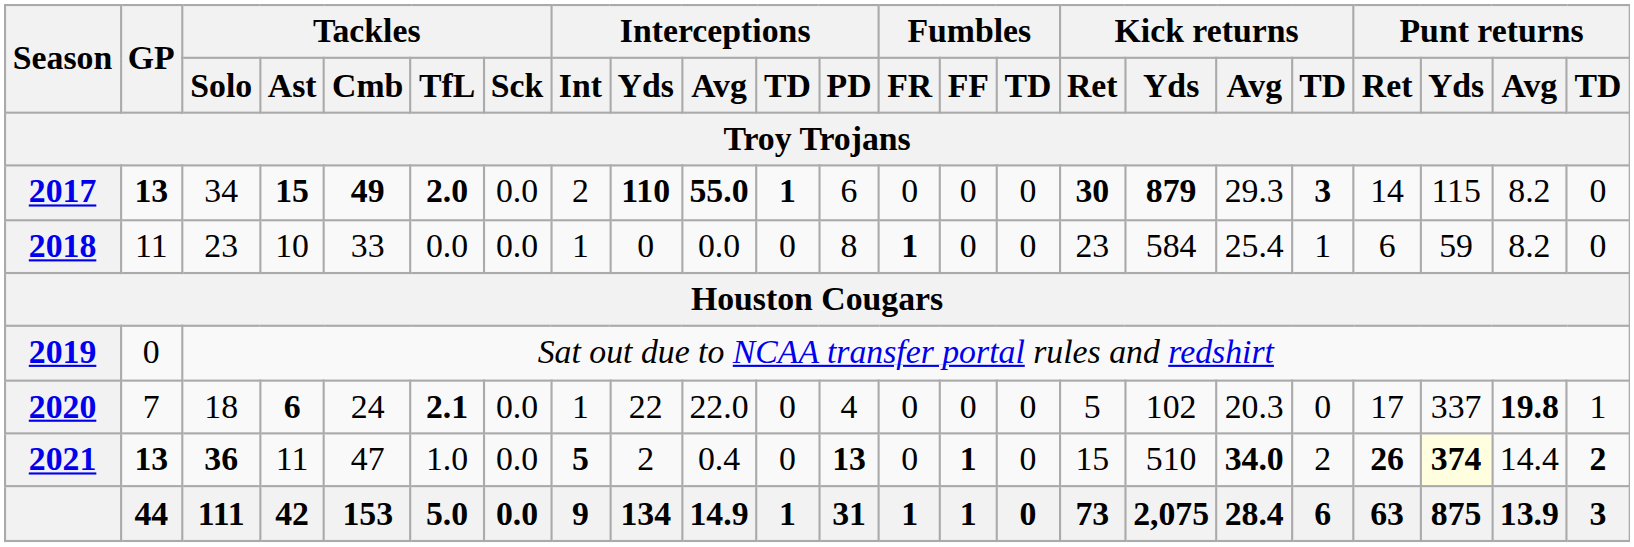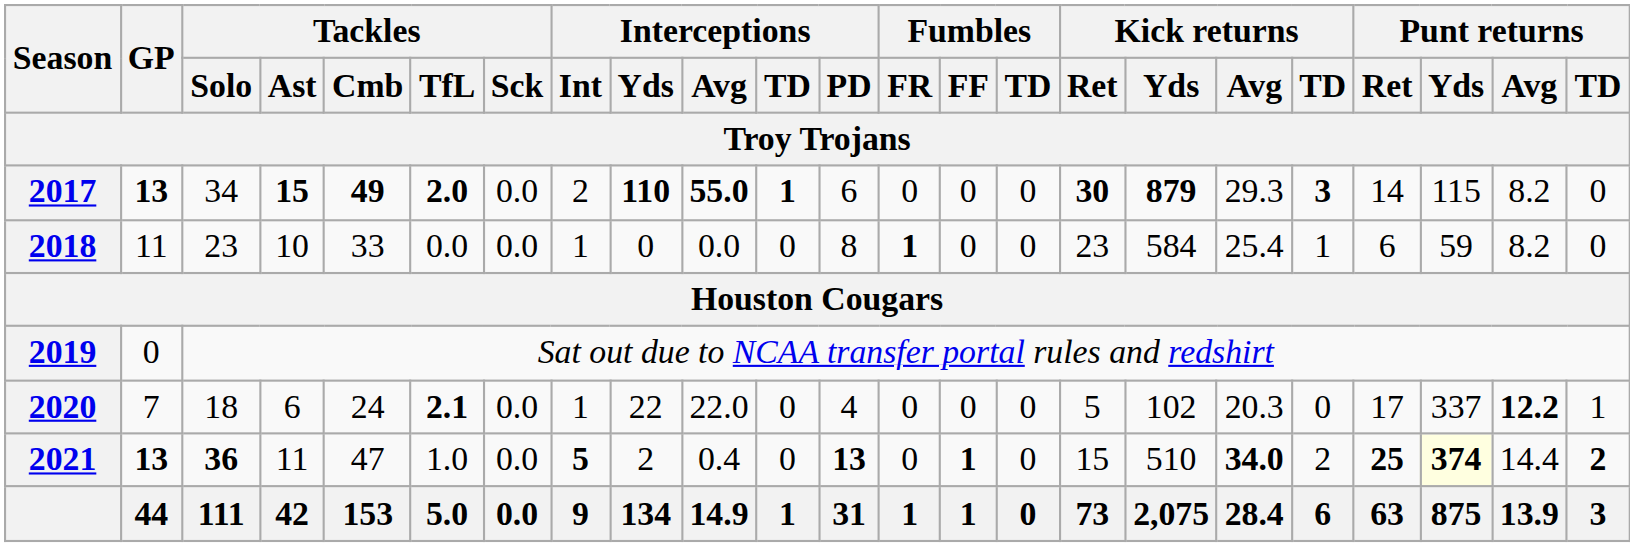 <table class=wikitable style="text-align:center;">
 <tr>
 <th rowspan="2">Season</th>
 <th rowspan="2">GP</th>
 <th colspan="5">Tackles</th>
 <th colspan="5">Interceptions</th>
 <th colspan="3">Fumbles</th>
 <th colspan="4">Kick returns</th>
 <th colspan="4">Punt returns</th>
 </tr>
 <tr>
 <th>Solo</th>
 <th>Ast</th>
 <th>Cmb</th>
 <th>TfL</th>
 <th>Sck</th>
 <th>Int</th>
 <th>Yds</th>
 <th>Avg</th>
 <th>TD</th>
 <th>PD</th>
 <th>FR</th>
 <th>FF</th>
 <th>TD</th>
 <th>Ret</th>
 <th>Yds</th>
 <th>Avg</th>
 <th>TD</th>
 <th>Ret</th>
 <th>Yds</th>
 <th>Avg</th>
 <th>TD</th>
 </tr>
 <tr>
 <th colspan="23">Troy Trojans</th>
 </tr>
 <tr>
 <th><a href='#'>2017</a></th>
 <td><strong>13</strong></td>
 <td>34</td>
 <td><strong>15</strong></td>
 <td><strong>49</strong></td>
 <td><strong>2.0</strong></td>
 <td>0.0</td>
 <td>2</td>
 <td><strong>110</strong></td>
 <td><strong>55.0</strong></td>
 <td><strong>1</strong></td>
 <td>6</td>
 <td>0</td>
 <td>0</td>
 <td>0</td>
 <td><strong>30</strong></td>
 <td><strong>879</strong></td>
 <td>29.3</td>
 <td><strong>3</strong></td>
 <td>14</td>
 <td>115</td>
 <td>8.2</td>
 <td>0</td>
 </tr>
 <tr>
 <th><a href='#'>2018</a></th>
 <td>11</td>
 <td>23</td>
 <td>10</td>
 <td>33</td>
 <td>0.0</td>
 <td>0.0</td>
 <td>1</td>
 <td>0</td>
 <td>0.0</td>
 <td>0</td>
 <td>8</td>
 <td><strong>1</strong></td>
 <td>0</td>
 <td>0</td>
 <td>23</td>
 <td>584</td>
 <td>25.4</td>
 <td>1</td>
 <td>6</td>
 <td>59</td>
 <td>8.2</td>
 <td>0</td>
 </tr>
 <tr>
 <th colspan="23">Houston Cougars</th>
 </tr>
 <tr>
 <th><a href='#'>2019</a></th>
 <td>0</td>
 <td colspan="21"><em>Sat out due to <a href='#'>NCAA transfer portal</a> rules and <a href='#'>redshirt</a></em></td>
 </tr>
 <tr>
 <th><a href='#'>2020</a></th>
 <td>7</td>
 <td>18</td>
-<td><strong>6</strong></td>
+<td>6</td>
 <td>24</td>
 <td><strong>2.1</strong></td>
 <td>0.0</td>
 <td>1</td>
 <td>22</td>
 <td>22.0</td>
 <td>0</td>
 <td>4</td>
 <td>0</td>
 <td>0</td>
 <td>0</td>
 <td>5</td>
 <td>102</td>
 <td>20.3</td>
 <td>0</td>
 <td>17</td>
 <td>337</td>
-<td><strong>19.8</strong></td>
+<td><strong>12.2</strong></td>
 <td>1</td>
 </tr>
 <tr>
 <th><a href='#'>2021</a></th>
 <td><strong>13</strong></td>
 <td><strong>36</strong></td>
 <td>11</td>
 <td>47</td>
 <td>1.0</td>
 <td>0.0</td>
 <td><strong>5</strong></td>
 <td>2</td>
 <td>0.4</td>
 <td>0</td>
 <td><strong>13</strong></td>
 <td>0</td>
 <td><strong>1</strong></td>
 <td>0</td>
 <td>15</td>
 <td>510</td>
 <td><strong>34.0</strong></td>
 <td>2</td>
-<td><strong>26</strong></td>
+<td><strong>25</strong></td>
 <td style="background: lightyellow;"><strong>374</strong></td>
 <td>14.4</td>
 <td><strong>2</strong></td>
 </tr>
 <tr>
 <th></th>
 <th>44</th>
 <th>111</th>
 <th>42</th>
 <th>153</th>
 <th>5.0</th>
 <th>0.0</th>
 <th>9</th>
 <th>134</th>
 <th>14.9</th>
 <th>1</th>
 <th>31</th>
 <th>1</th>
 <th>1</th>
 <th>0</th>
 <th>73</th>
 <th>2,075</th>
 <th>28.4</th>
 <th>6</th>
 <th>63</th>
 <th>875</th>
 <th>13.9</th>
 <th>3</th>
 </tr>
 </table>
